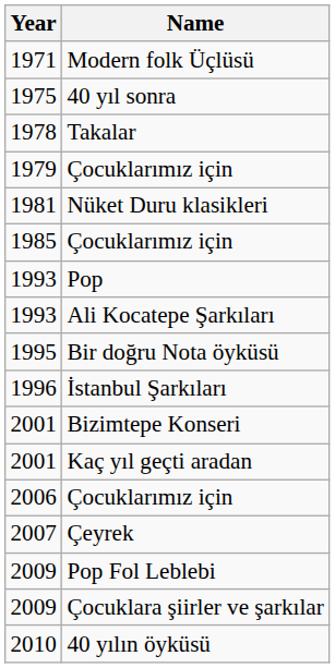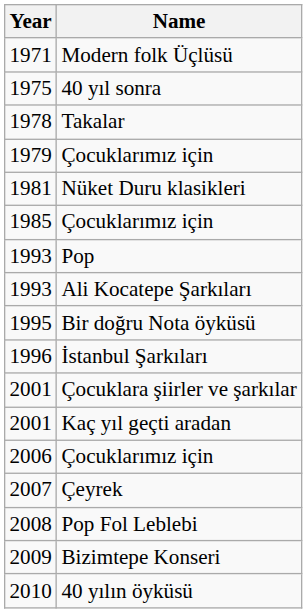 <table class="sortable wikitable">
 <tr>
 <th>Year</th>
 <th>Name</th>
 </tr>
 <tr>
 <td>1971</td>
 <td>Modern folk Üçlüsü</td>
 </tr>
 <tr>
 <td>1975</td>
 <td>40 yıl sonra</td>
 </tr>
 <tr>
 <td>1978</td>
 <td>Takalar</td>
 </tr>
 <tr>
 <td>1979</td>
 <td>Çocuklarımız için</td>
 </tr>
 <tr>
 <td>1981</td>
 <td>Nüket Duru klasikleri</td>
 </tr>
 <tr>
 <td>1985</td>
 <td>Çocuklarımız için</td>
 </tr>
 <tr>
 <td>1993</td>
 <td>Pop</td>
 </tr>
 <tr>
 <td>1993</td>
 <td>Ali Kocatepe Şarkıları</td>
 </tr>
 <tr>
 <td>1995</td>
 <td>Bir doğru Nota öyküsü</td>
 </tr>
 <tr>
 <td>1996</td>
 <td>İstanbul Şarkıları</td>
 </tr>
 <tr>
 <td>2001</td>
-<td>Bizimtepe Konseri</td>
+<td>Çocuklara şiirler ve şarkılar</td>
 </tr>
 <tr>
 <td>2001</td>
 <td>Kaç yıl geçti aradan</td>
 </tr>
 <tr>
 <td>2006</td>
 <td>Çocuklarımız için</td>
 </tr>
 <tr>
 <td>2007</td>
 <td>Çeyrek</td>
 </tr>
 <tr>
-<td>2009</td>
+<td>2008</td>
 <td>Pop Fol Leblebi</td>
 </tr>
 <tr>
 <td>2009</td>
-<td>Çocuklara şiirler ve şarkılar</td>
+<td>Bizimtepe Konseri</td>
 </tr>
 <tr>
 <td>2010</td>
 <td>40 yılın öyküsü</td>
 </tr>
 </table>
